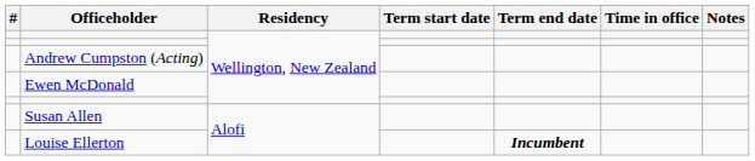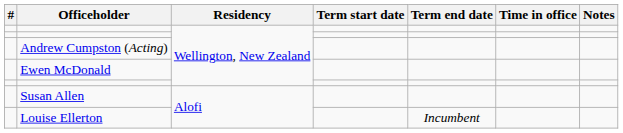 <table class='wikitable sortable'>
 <tr>
 <th>#</th>
 <th>Officeholder</th>
 <th>Residency</th>
 <th>Term start date</th>
 <th>Term end date</th>
 <th>Time in office</th>
 <th>Notes</th>
 </tr>
 <tr>
 <td align=center></td>
 <td></td>
 <td rowspan=5><a href='#'>Wellington</a>, <a href='#'>New Zealand</a></td>
 <td align=center></td>
 <td align=center></td>
 <td align=right></td>
 <td></td>
 </tr>
 <tr>
 <td align=center></td>
 <td></td>
 <td align=center></td>
 <td align=center></td>
 <td align=right></td>
 <td></td>
 </tr>
 <tr>
 <td align=center></td>
 <td><a href='#'>Andrew Cumpston</a> (<em>Acting</em>)</td>
 <td align=center></td>
 <td align=center></td>
 <td align=right></td>
 <td></td>
 </tr>
 <tr>
 <td align=center></td>
 <td><a href='#'>Ewen McDonald</a></td>
 <td align=center></td>
 <td align=center></td>
 <td align=right></td>
 <td></td>
 </tr>
 <tr>
 <td align=center></td>
 <td></td>
 <td align=center></td>
 <td align=center></td>
 <td align=right></td>
 <td></td>
 </tr>
 <tr>
 <td align=center></td>
 <td><a href='#'>Susan Allen</a></td>
 <td rowspan=2><a href='#'>Alofi</a></td>
 <td align=center></td>
 <td align=center></td>
 <td align=right></td>
 <td></td>
 </tr>
 <tr>
 <td align=center></td>
 <td><a href='#'>Louise Ellerton</a></td>
 <td align=center></td>
-<td align=center><strong><em>Incumbent</em></strong></td>
+<td align=center><em>Incumbent</em></td>
 <td align=right></td>
 <td></td>
 </tr>
 </table>
